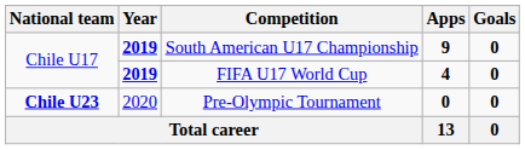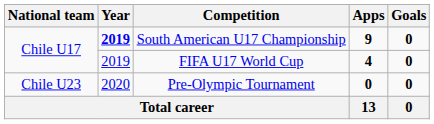 <table class=wikitable style=text-align:center>
 <tr>
 <th>National team</th>
 <th>Year</th>
 <th>Competition</th>
 <th>Apps</th>
 <th>Goals</th>
 </tr>
 <tr>
 <td rowspan="2"><a href='#'>Chile U17</a></td>
 <td><strong><a href='#'>2019</a></strong></td>
 <td><a href='#'>South American U17 Championship</a></td>
 <td><strong>9</strong></td>
 <td><strong>0</strong></td>
 </tr>
 <tr>
-<td><strong><a href='#'>2019</a></strong></td>
+<td><a href='#'>2019</a></td>
 <td><a href='#'>FIFA U17 World Cup</a></td>
 <td><strong>4</strong></td>
 <td><strong>0</strong></td>
 </tr>
 <tr>
-<td><strong><a href='#'>Chile U23</a></strong></td>
+<td><a href='#'>Chile U23</a></td>
 <td><a href='#'>2020</a></td>
 <td><a href='#'>Pre-Olympic Tournament</a></td>
 <td><strong>0</strong></td>
 <td><strong>0</strong></td>
 </tr>
 <tr>
 <th colspan=3>Total career</th>
 <th>13</th>
 <th>0</th>
 </tr>
 </table>
